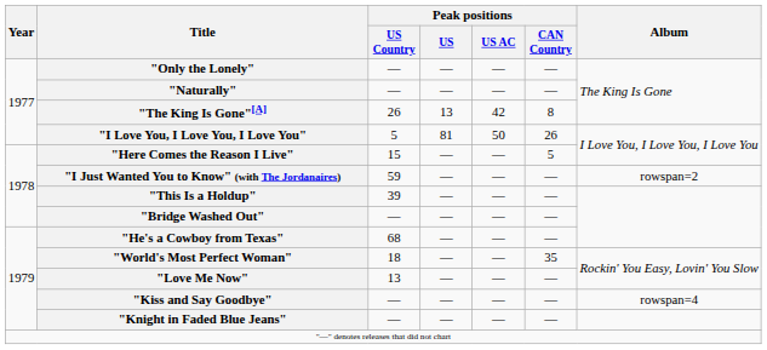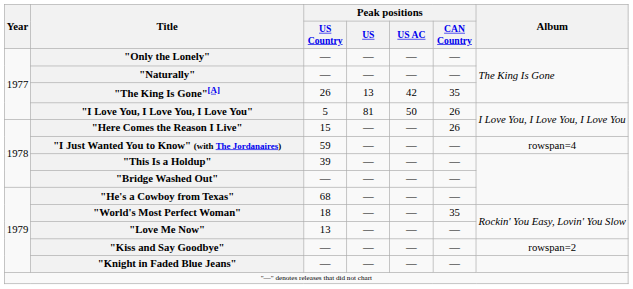 <table class="wikitable plainrowheaders" style=text-align:center;>
 <tr>
 <th scope="col" rowspan="2">Year</th>
 <th scope="col" rowspan="2" style="width:25em;">Title</th>
 <th scope="col" colspan="4">Peak positions</th>
 <th scope="col" rowspan="2">Album</th>
 </tr>
 <tr>
 <th style="width:4em;font-size:90%;"><a href='#'>US Country</a><br></th>
 <th style="width:4em;font-size:90%;"><a href='#'>US</a><br></th>
 <th style="width:4em;font-size:90%;"><a href='#'>US AC</a></th>
 <th style="width:4em;font-size:90%;"><a href='#'>CAN Country</a></th>
 </tr>
 <tr>
 <td rowspan=4>1977</td>
 <th scope="row">"Only the Lonely"</th>
 <td>—</td>
 <td>—</td>
 <td>—</td>
 <td>—</td>
 <td align="left" rowspan=3><em>The King Is Gone</em></td>
 </tr>
 <tr>
 <th scope="row">"Naturally"</th>
 <td>—</td>
 <td>—</td>
 <td>—</td>
 <td>—</td>
 </tr>
 <tr>
 <th scope="row">"The King Is Gone"<sup><span></span><a href='#'><strong>[A]</strong></a></sup></th>
 <td>26</td>
 <td>13</td>
 <td>42</td>
-<td>8</td>
+<td>35</td>
 </tr>
 <tr>
 <th scope="row">"I Love You, I Love You, I Love You"</th>
 <td>5</td>
 <td>81</td>
 <td>50</td>
 <td>26</td>
 <td align="left" rowspan=2><em>I Love You, I Love You, I Love You</em></td>
 </tr>
 <tr>
 <td rowspan=4>1978</td>
 <th scope="row">"Here Comes the Reason I Live"</th>
 <td>15</td>
 <td>—</td>
 <td>—</td>
-<td>5</td>
+<td>26</td>
 </tr>
 <tr>
 <th scope="row">"I Just Wanted You to Know" <small>(with <a href='#'>The Jordanaires</a>)</small></th>
 <td>59</td>
 <td>—</td>
 <td>—</td>
 <td>—</td>
-<td>rowspan=2 </td>
+<td>rowspan=4 </td>
 </tr>
 <tr>
 <th scope="row">"This Is a Holdup"</th>
 <td>39</td>
 <td>—</td>
 <td>—</td>
 <td>—</td>
 </tr>
 <tr>
 <th scope="row">"Bridge Washed Out"</th>
 <td>—</td>
 <td>—</td>
 <td>—</td>
 <td>—</td>
 </tr>
 <tr>
 <td rowspan=5>1979</td>
 <th scope="row">"He's a Cowboy from Texas"</th>
 <td>68</td>
 <td>—</td>
 <td>—</td>
 <td>—</td>
 </tr>
 <tr>
 <th scope="row">"World's Most Perfect Woman"</th>
 <td>18</td>
 <td>—</td>
 <td>—</td>
 <td>35</td>
 <td align="left" rowspan=2><em>Rockin' You Easy, Lovin' You Slow</em></td>
 </tr>
 <tr>
 <th scope="row">"Love Me Now"</th>
 <td>13</td>
 <td>—</td>
 <td>—</td>
 <td>—</td>
 </tr>
 <tr>
 <th scope="row">"Kiss and Say Goodbye"</th>
 <td>—</td>
 <td>—</td>
 <td>—</td>
 <td>—</td>
-<td>rowspan=4 </td>
+<td>rowspan=2 </td>
 </tr>
 <tr>
 <th scope="row">"Knight in Faded Blue Jeans"</th>
 <td>—</td>
 <td>—</td>
 <td>—</td>
 <td>—</td>
 </tr>
 <tr>
 <td colspan="7" style="font-size:8pt">"—" denotes releases that did not chart</td>
 </tr>
 </table>
